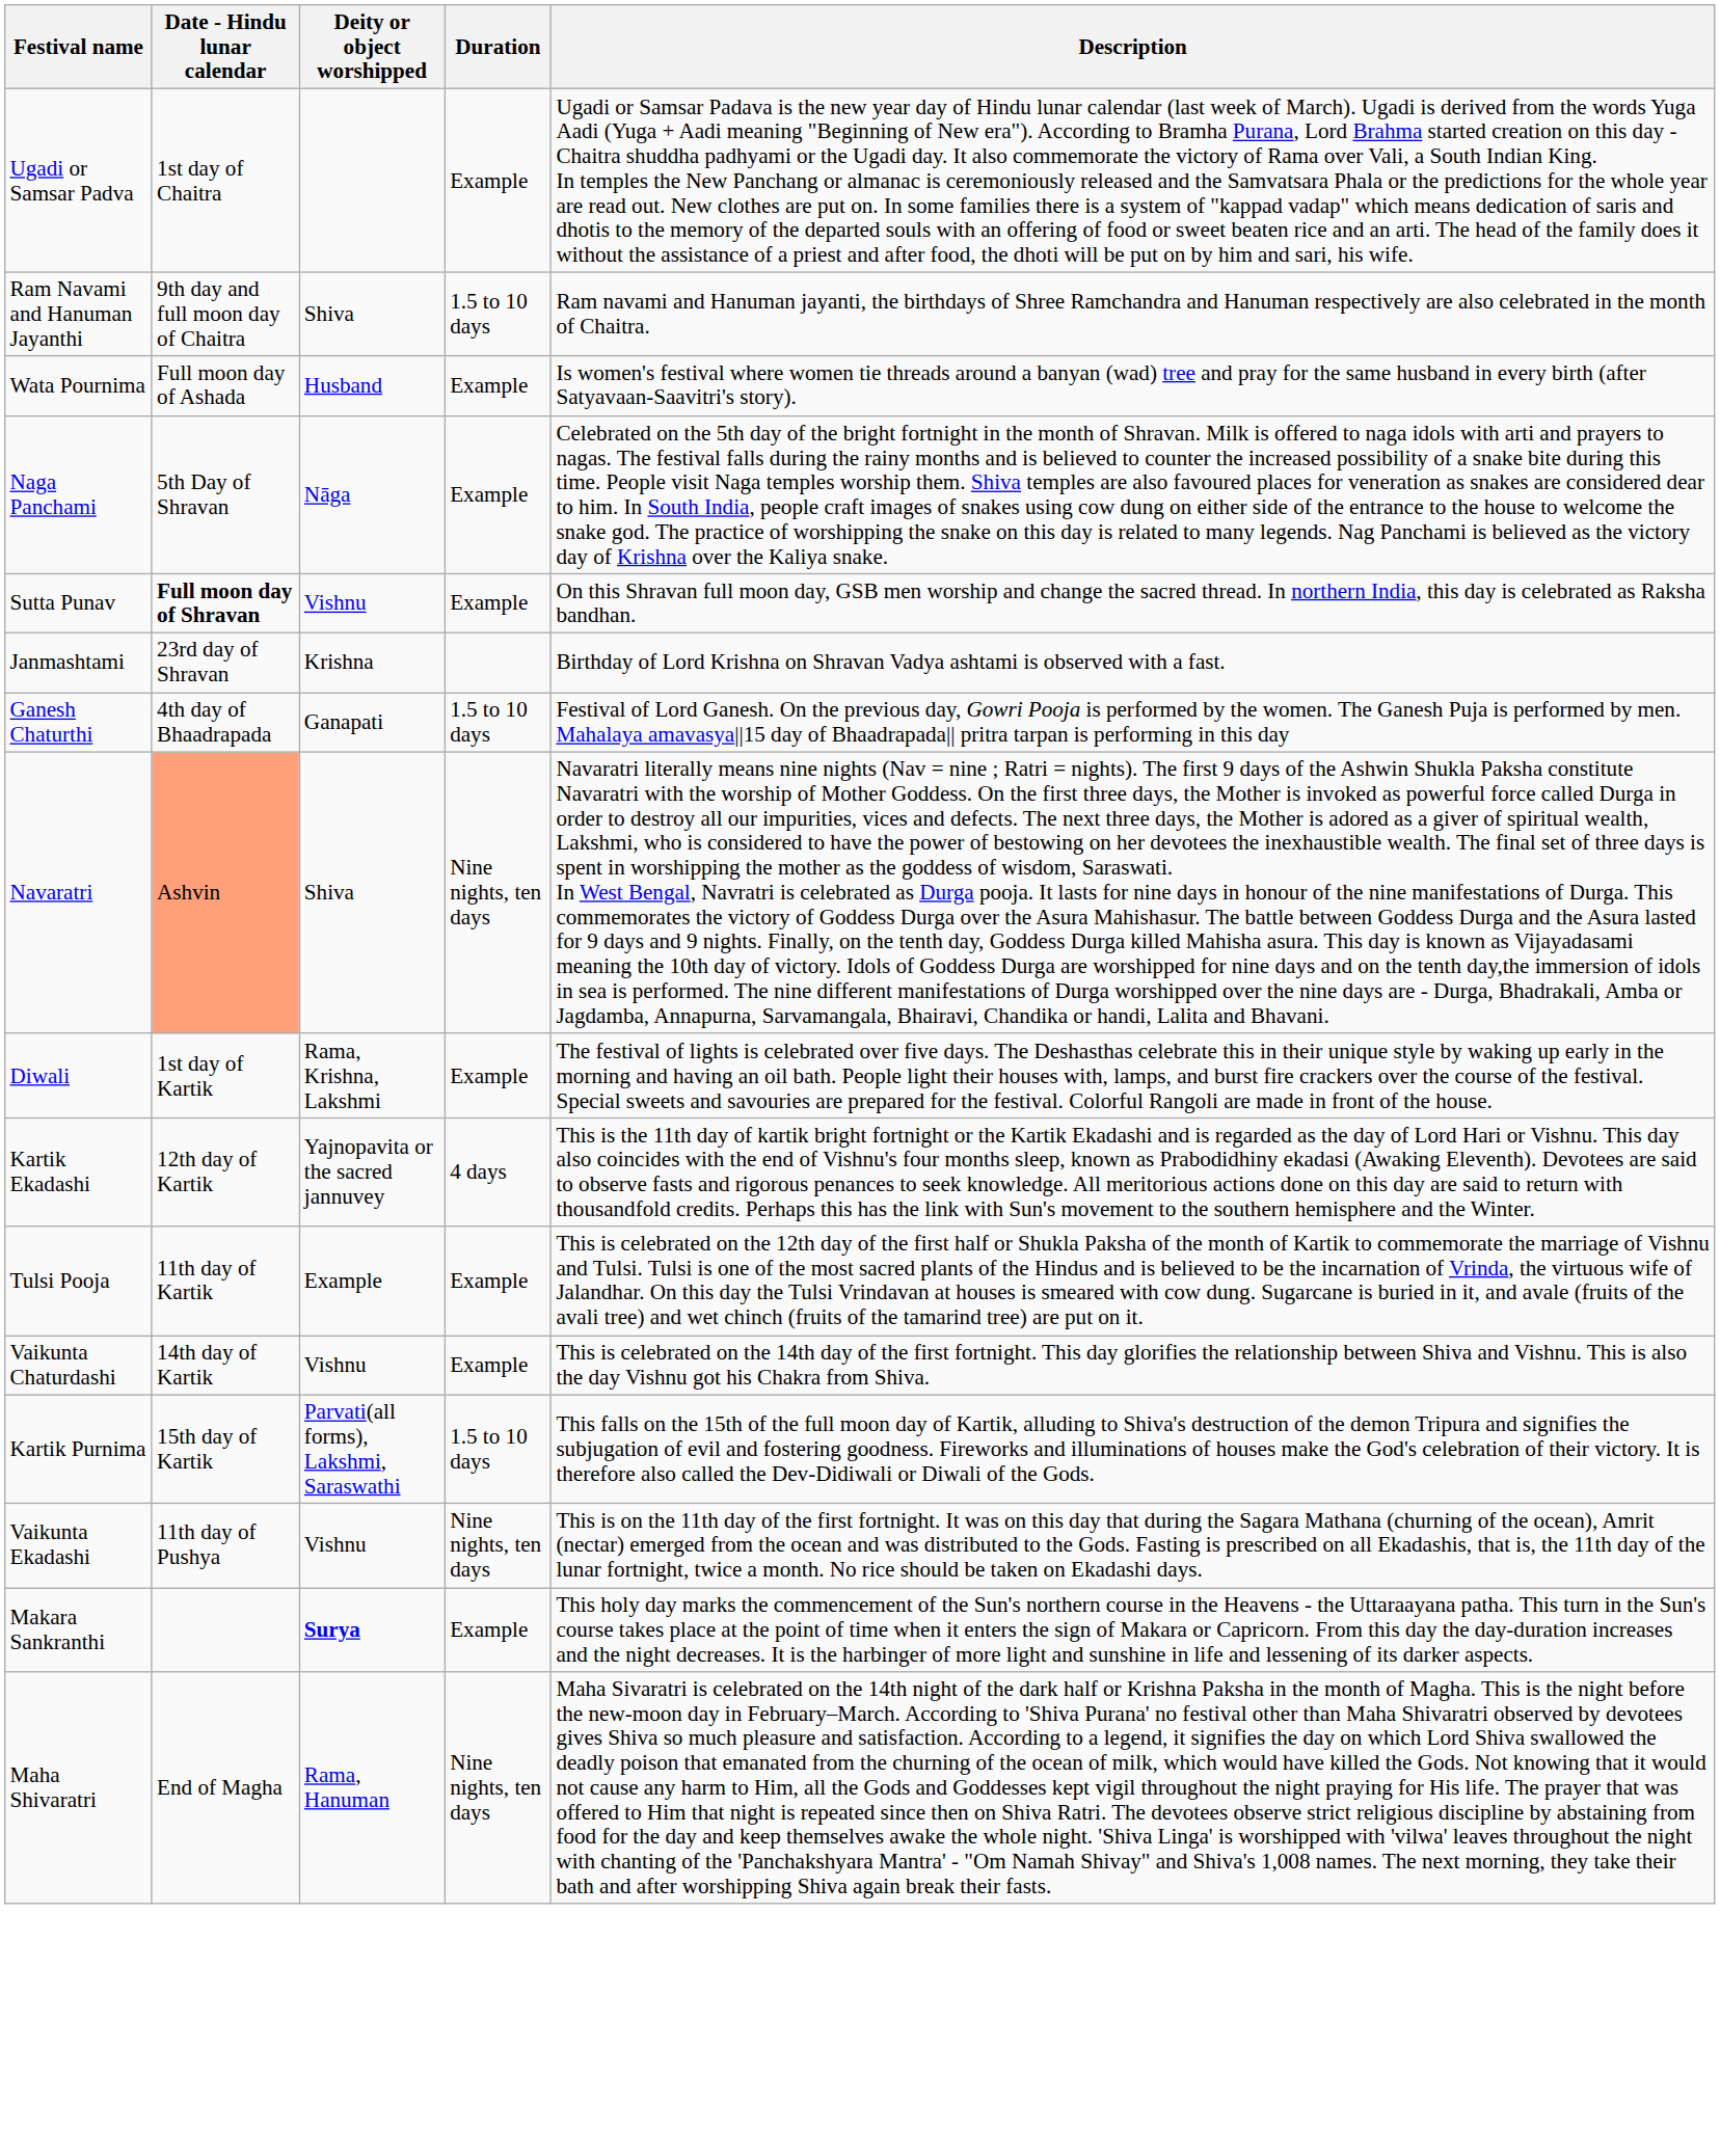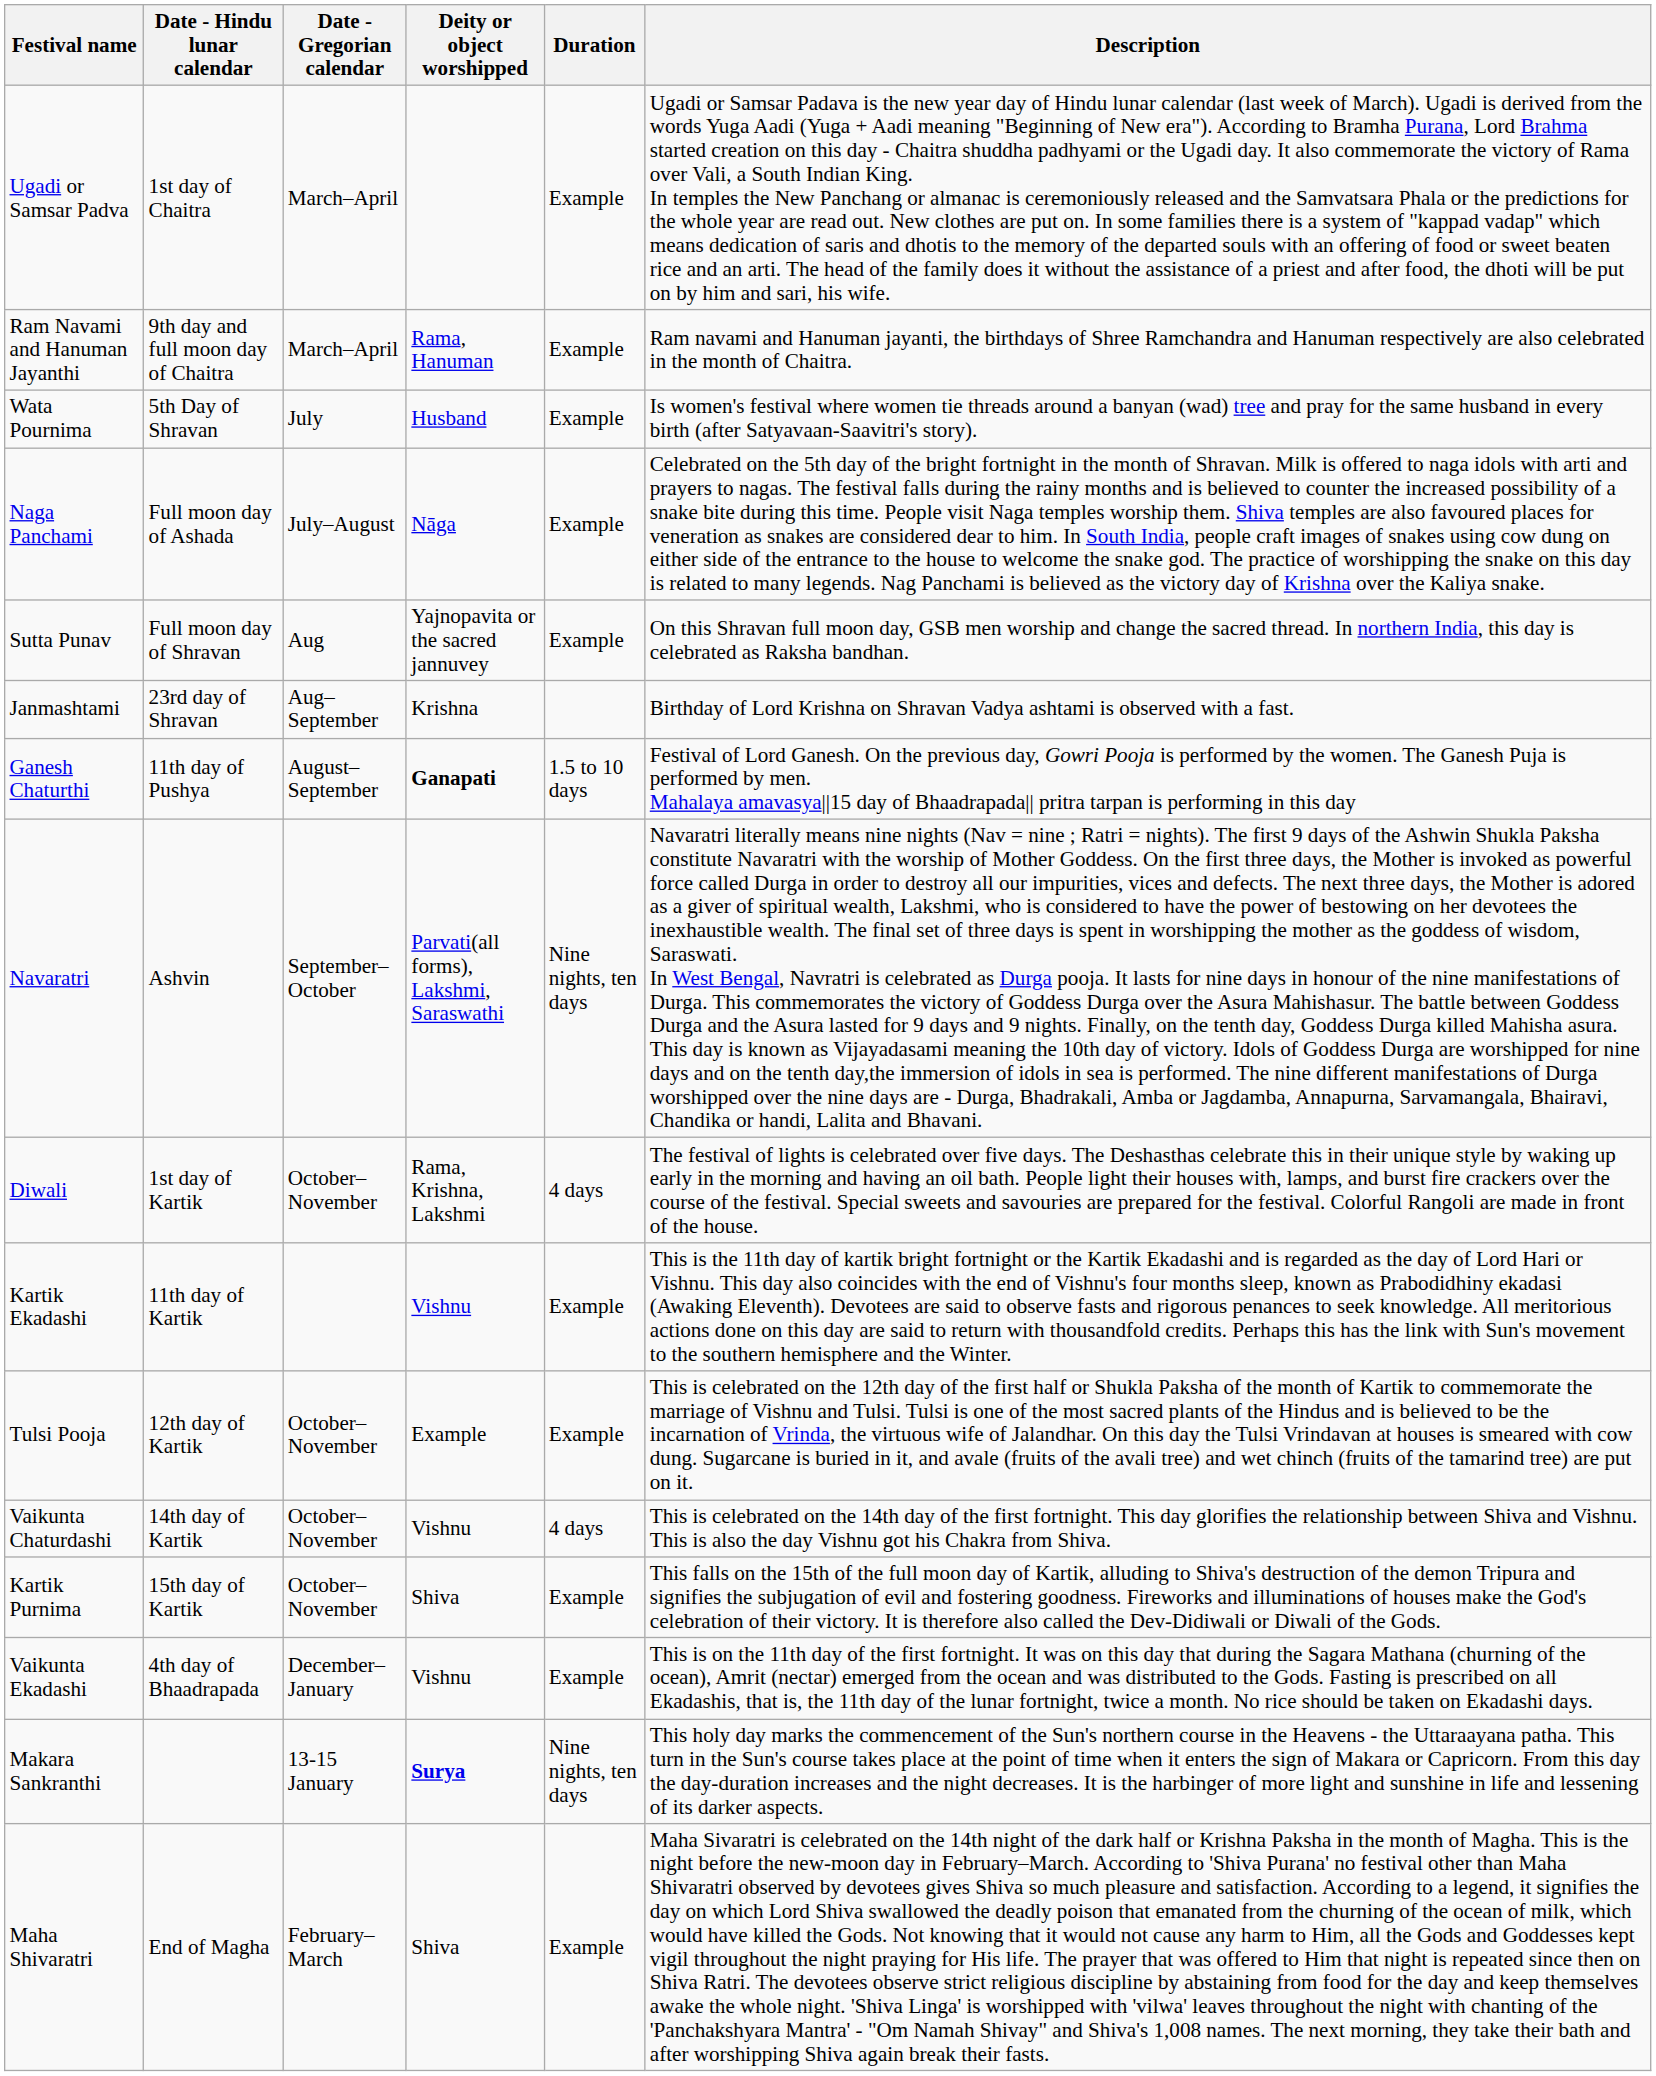 <table class="wikitable sortable plainlinks">
 <tr>
 <th>Festival name</th>
 <th>Date - Hindu lunar calendar</th>
+<th>Date - Gregorian calendar</th>
 <th>Deity or object worshipped</th>
 <th>Duration</th>
 <th>Description</th>
 </tr>
 <tr>
 <td><a href='#'>Ugadi</a> or Samsar Padva</td>
 <td>1st day of Chaitra</td>
+<td>March–April</td>
 <td></td>
 <td>Example</td>
 <td>Ugadi or Samsar Padava is the new year day of Hindu lunar calendar (last week of March). Ugadi is derived from the words Yuga Aadi (Yuga + Aadi meaning "Beginning of New era"). According to Bramha <a href='#'>Purana</a>, Lord <a href='#'>Brahma</a> started creation on this day - Chaitra shuddha padhyami or the Ugadi day. It also commemorate the victory of Rama over Vali, a South Indian King.<br>In temples the New Panchang or almanac is ceremoniously released and the Samvatsara Phala  or the predictions for the whole year are read out. New clothes are  put on. In some families there is a system of "kappad vadap" which means dedication of saris and dhotis to the memory of  the departed souls with an offering of food or sweet beaten rice and an arti. The head of the family does it without the assistance of a priest and after food, the dhoti will be put on by him and sari, his wife.</td>
 </tr>
 <tr>
 <td>Ram Navami and Hanuman Jayanthi</td>
 <td>9th day and full moon day of Chaitra</td>
-<td>Shiva</td>
-<td>1.5 to 10 days</td>
+<td>March–April</td>
+<td><a href='#'>Rama</a>, <a href='#'>Hanuman</a></td>
+<td>Example</td>
 <td>Ram navami and Hanuman jayanti, the birthdays of Shree Ramchandra and Hanuman respectively are also celebrated in the month of Chaitra.</td>
 </tr>
 <tr>
 <td>Wata Pournima</td>
-<td>Full moon day of Ashada</td>
+<td>5th Day of Shravan</td>
+<td>July</td>
 <td><a href='#'>Husband</a></td>
 <td>Example</td>
 <td>Is women's festival where women tie threads around a banyan (wad) <a href='#'>tree</a> and pray for the same husband in every birth (after Satyavaan-Saavitri's story).</td>
 </tr>
 <tr>
 <td><a href='#'>Naga Panchami</a></td>
-<td>5th Day of Shravan</td>
+<td>Full moon day of Ashada</td>
+<td>July–August</td>
 <td><a href='#'>Nāga</a></td>
 <td>Example</td>
 <td>Celebrated on the 5th day of the bright fortnight in the month of Shravan. Milk is offered to naga idols with arti and prayers to nagas. The festival falls during the rainy months and is believed to counter the increased possibility of a snake bite during this time. People visit Naga temples worship them. <a href='#'>Shiva</a> temples are also favoured places for veneration as snakes are considered dear to him. In <a href='#'>South India</a>, people craft images of snakes using cow dung on either side of the entrance to the house to welcome the snake god. The practice of worshipping the snake on this day is related to many legends. Nag Panchami is believed as the victory day of <a href='#'>Krishna</a> over the Kaliya snake.</td>
 </tr>
 <tr>
 <td>Sutta Punav</td>
-<td><strong>Full moon day of Shravan</strong></td>
-<td><a href='#'>Vishnu</a></td>
+<td>Full moon day of Shravan</td>
+<td>Aug</td>
+<td>Yajnopavita or the sacred jannuvey</td>
 <td>Example</td>
 <td>On this Shravan full moon day, GSB men worship and change the sacred thread. In <a href='#'>northern India</a>, this day is celebrated as Raksha bandhan.</td>
 </tr>
 <tr>
 <td>Janmashtami</td>
 <td>23rd day of Shravan</td>
+<td>Aug–September</td>
 <td>Krishna</td>
 <td></td>
 <td>Birthday of Lord Krishna on Shravan Vadya ashtami is observed with a fast.</td>
 </tr>
 <tr>
 <td><a href='#'>Ganesh Chaturthi</a></td>
-<td>4th day of Bhaadrapada</td>
-<td>Ganapati</td>
+<td>11th day of Pushya</td>
+<td>August–September</td>
+<td><strong>Ganapati</strong></td>
 <td>1.5 to 10 days</td>
 <td>Festival of Lord Ganesh. On the previous day,  <em>Gowri Pooja</em> is performed by the women. The Ganesh Puja is performed by men.<br><a href='#'>Mahalaya amavasya</a>||15 day of  Bhaadrapada|| pritra tarpan is performing in this day</td>
 </tr>
 <tr>
 <td><a href='#'>Navaratri</a></td>
-<td style="background: lightsalmon;">Ashvin</td>
-<td>Shiva</td>
+<td>Ashvin</td>
+<td>September–October</td>
+<td><a href='#'>Parvati</a>(all forms), <a href='#'>Lakshmi</a>, <a href='#'>Saraswathi</a></td>
 <td>Nine nights, ten days</td>
 <td>Navaratri literally means nine nights (Nav = nine ; Ratri = nights). The first 9 days of the Ashwin Shukla Paksha constitute Navaratri with the worship of Mother Goddess. On the first three days, the Mother is invoked as powerful force called Durga in order to destroy all our impurities, vices and defects. The next three days, the Mother is adored as a giver of spiritual wealth, Lakshmi, who is considered to have the power of bestowing on her devotees the inexhaustible wealth. The final set of three days is spent in worshipping the mother as the goddess of wisdom, Saraswati.<br>In <a href='#'>West Bengal</a>, Navratri is celebrated as <a href='#'>Durga</a> pooja. It lasts for nine days in honour of the nine manifestations of Durga. This commemorates the victory of Goddess Durga over the Asura Mahishasur. The battle between Goddess Durga and the Asura lasted for 9 days and 9 nights. Finally, on the tenth day, Goddess Durga killed Mahisha asura. This day is known as Vijayadasami meaning the 10th day of victory. Idols of Goddess Durga are worshipped for nine days and on the tenth day,the immersion of idols in sea is performed. The nine different manifestations of Durga worshipped over the nine days are - Durga, Bhadrakali, Amba or Jagdamba, Annapurna, Sarvamangala, Bhairavi, Chandika or handi, Lalita and Bhavani.</td>
 </tr>
 <tr>
 <td><a href='#'>Diwali</a></td>
 <td>1st day of Kartik</td>
+<td>October–November</td>
 <td>Rama, Krishna, Lakshmi</td>
-<td>Example</td>
+<td>4 days</td>
 <td>The festival of lights is celebrated over five days. The Deshasthas celebrate this in their unique style by waking up early in the morning and having an oil bath. People light their houses with, lamps, and burst fire crackers over the course of the festival. Special sweets and savouries are prepared for the festival. Colorful Rangoli are made in front of the house.</td>
 </tr>
 <tr>
 <td>Kartik Ekadashi</td>
-<td>12th day of Kartik</td>
-<td>Yajnopavita or the sacred jannuvey</td>
-<td>4 days</td>
+<td>11th day of Kartik</td>
+<td></td>
+<td><a href='#'>Vishnu</a></td>
+<td>Example</td>
 <td>This is the 11th day of kartik bright fortnight or the Kartik Ekadashi and is regarded as the day of Lord Hari or Vishnu. This day also coincides with the end of Vishnu's four months sleep, known as Prabodidhiny ekadasi (Awaking Eleventh). Devotees are said to observe fasts and rigorous penances to seek knowledge. All meritorious actions done on this day are said to return with thousandfold credits. Perhaps this has the link with Sun's movement to the southern hemisphere and the Winter.</td>
 </tr>
 <tr>
 <td>Tulsi Pooja</td>
-<td>11th day of Kartik</td>
+<td>12th day of Kartik</td>
+<td>October–November</td>
 <td>Example</td>
 <td>Example</td>
 <td>This is celebrated on the 12th day of the first half or Shukla Paksha of the month of Kartik to commemorate the marriage of Vishnu and Tulsi. Tulsi is one of the most sacred plants of the Hindus and is believed to be the incarnation of <a href='#'>Vrinda</a>, the virtuous wife of Jalandhar. On this day the Tulsi Vrindavan at houses is smeared with cow dung. Sugarcane is buried in it, and avale (fruits of the avali tree) and wet chinch (fruits of the tamarind tree) are put on it.</td>
 </tr>
 <tr>
 <td>Vaikunta Chaturdashi</td>
 <td>14th day of Kartik</td>
+<td>October–November</td>
 <td>Vishnu</td>
-<td>Example</td>
+<td>4 days</td>
 <td>This is celebrated on the 14th day of the first fortnight. This day glorifies the relationship between Shiva and Vishnu. This is also the day Vishnu got his Chakra from Shiva.</td>
 </tr>
 <tr>
 <td>Kartik Purnima</td>
 <td>15th day of Kartik</td>
-<td><a href='#'>Parvati</a>(all forms), <a href='#'>Lakshmi</a>, <a href='#'>Saraswathi</a></td>
-<td>1.5 to 10 days</td>
+<td>October–November</td>
+<td>Shiva</td>
+<td>Example</td>
 <td>This falls on the 15th of the full moon day of Kartik, alluding to Shiva's destruction of the demon Tripura and signifies the subjugation of evil and fostering goodness. Fireworks and illuminations of houses make the God's celebration of their victory. It is therefore also called the Dev-Didiwali or Diwali of the Gods.</td>
 </tr>
 <tr>
 <td>Vaikunta Ekadashi</td>
-<td>11th day of Pushya</td>
+<td>4th day of Bhaadrapada</td>
+<td>December–January</td>
 <td>Vishnu</td>
-<td>Nine nights, ten days</td>
+<td>Example</td>
 <td>This is on the 11th day of the first fortnight. It was on this day that during the Sagara Mathana (churning of the ocean), Amrit (nectar) emerged from the ocean and was distributed to the Gods. Fasting is prescribed on all Ekadashis, that is, the 11th day of the lunar fortnight, twice a month. No rice should be taken on Ekadashi days.</td>
 </tr>
 <tr>
 <td>Makara Sankranthi</td>
 <td></td>
+<td>13-15 January</td>
 <td><strong><a href='#'>Surya</a></strong></td>
-<td>Example</td>
+<td>Nine nights, ten days</td>
 <td>This holy day marks the commencement of the Sun's northern course in the Heavens - the Uttaraayana patha. This turn in the Sun's course takes place at the point of time when it enters the sign of Makara or Capricorn. From this day the day-duration increases and the night decreases. It is the harbinger of more light and sunshine in life and lessening of its darker aspects.</td>
 </tr>
 <tr>
 <td>Maha Shivaratri</td>
 <td>End of Magha</td>
-<td><a href='#'>Rama</a>, <a href='#'>Hanuman</a></td>
-<td>Nine nights, ten days</td>
+<td>February–March</td>
+<td>Shiva</td>
+<td>Example</td>
 <td>Maha Sivaratri is celebrated on the 14th night of the dark half or Krishna Paksha in the month of Magha. This   is the night before the new-moon day in February–March. According to 'Shiva Purana' no festival other than Maha Shivaratri observed by devotees gives Shiva so much pleasure and satisfaction. According to a legend, it signifies the day on which Lord Shiva swallowed the deadly poison that emanated from the churning of the ocean of milk, which would have killed the Gods. Not knowing that it would not cause any harm to Him, all the Gods and Goddesses kept vigil throughout the night praying for His life. The prayer that was offered to Him that night is repeated since then on Shiva Ratri. The devotees observe strict religious discipline by abstaining from food for the day and keep themselves awake the whole night. 'Shiva Linga' is worshipped with 'vilwa' leaves throughout the night with chanting of the 'Panchakshyara Mantra' - "Om Namah Shivay" and Shiva's 1,008 names. The next morning, they take their bath and after worshipping Shiva again break their fasts.</td>
 </tr>
 </table>
